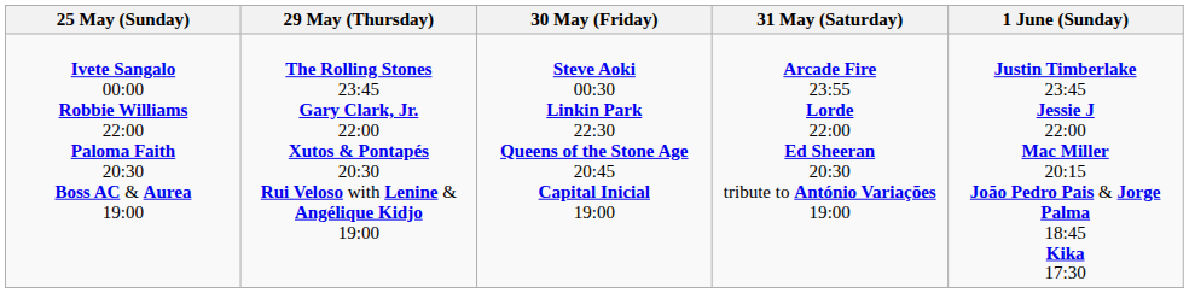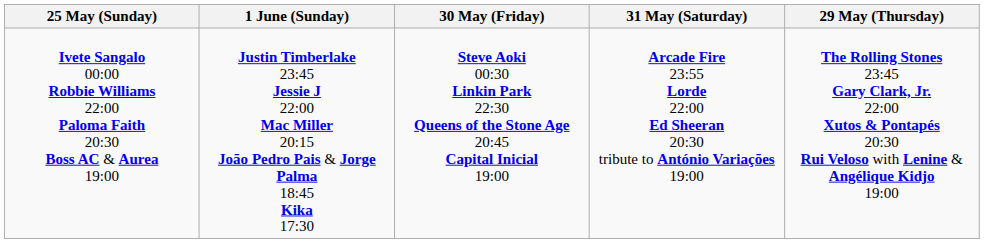 <table class="wikitable">
 <tr>
 <th>25 May (Sunday)</th>
-<th>29 May (Thursday)</th>
+<th>1 June (Sunday)</th>
 <th>30 May (Friday)</th>
 <th>31 May (Saturday)</th>
-<th>1 June (Sunday)</th>
+<th>29 May (Thursday)</th>
 </tr>
 <tr>
 <td style="text-align:center; vertical-align:top; width:200px;"><br><strong><a href='#'>Ivete Sangalo</a></strong> <br> 00:00 <br> <strong><a href='#'>Robbie Williams</a></strong> <br> 22:00 <br> <strong><a href='#'>Paloma Faith</a></strong> <br> 20:30 <br> <strong><a href='#'>Boss AC</a></strong> & <strong><a href='#'>Aurea</a></strong> <br> 19:00</td>
-<td style="text-align:center; vertical-align:top; width:200px;"><br><strong><a href='#'>The Rolling Stones</a></strong> <br> 23:45 <br> <strong><a href='#'>Gary Clark, Jr.</a></strong> <br> 22:00 <br> <strong><a href='#'>Xutos & Pontapés</a></strong> <br> 20:30 <br> <strong><a href='#'>Rui Veloso</a></strong> with <strong><a href='#'>Lenine</a></strong> & <strong><a href='#'>Angélique Kidjo</a></strong> <br> 19:00</td>
+<td style="text-align:center; vertical-align:top; width:200px;"><br><strong><a href='#'>Justin Timberlake</a></strong> <br> 23:45 <br> <strong><a href='#'>Jessie J</a></strong> <br> 22:00 <br> <strong><a href='#'>Mac Miller</a></strong> <br> 20:15 <br> <strong><a href='#'>João Pedro Pais</a></strong> & <strong><a href='#'>Jorge Palma</a></strong> <br> 18:45 <br> <strong><a href='#'>Kika</a></strong> <br> 17:30</td>
 <td style="text-align:center; vertical-align:top; width:200px;"><br><strong><a href='#'>Steve Aoki</a></strong> <br> 00:30 <br> <strong><a href='#'>Linkin Park</a></strong> <br> 22:30 <br> <strong><a href='#'>Queens of the Stone Age</a></strong> <br> 20:45 <br> <strong><a href='#'>Capital Inicial</a></strong> <br> 19:00</td>
 <td style="text-align:center; vertical-align:top; width:200px;"><br><strong><a href='#'>Arcade Fire</a></strong> <br> 23:55 <br> <strong><a href='#'>Lorde</a></strong> <br> 22:00 <br> <strong><a href='#'>Ed Sheeran</a></strong> <br> 20:30 <br> tribute to <strong><a href='#'>António Variações</a></strong> <br> 19:00</td>
-<td style="text-align:center; vertical-align:top; width:200px;"><br><strong><a href='#'>Justin Timberlake</a></strong> <br> 23:45 <br> <strong><a href='#'>Jessie J</a></strong> <br> 22:00 <br> <strong><a href='#'>Mac Miller</a></strong> <br> 20:15 <br> <strong><a href='#'>João Pedro Pais</a></strong> & <strong><a href='#'>Jorge Palma</a></strong> <br> 18:45 <br> <strong><a href='#'>Kika</a></strong> <br> 17:30</td>
+<td style="text-align:center; vertical-align:top; width:200px;"><br><strong><a href='#'>The Rolling Stones</a></strong> <br> 23:45 <br> <strong><a href='#'>Gary Clark, Jr.</a></strong> <br> 22:00 <br> <strong><a href='#'>Xutos & Pontapés</a></strong> <br> 20:30 <br> <strong><a href='#'>Rui Veloso</a></strong> with <strong><a href='#'>Lenine</a></strong> & <strong><a href='#'>Angélique Kidjo</a></strong> <br> 19:00</td>
 </tr>
 </table>
